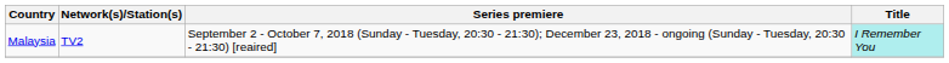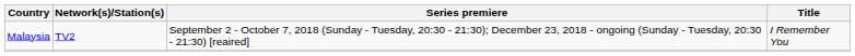 <table class="sortable wikitable">
 <tr>
 <th>Country</th>
 <th>Network(s)/Station(s)</th>
 <th>Series premiere</th>
 <th>Title</th>
 </tr>
 <tr>
 <td> <a href='#'>Malaysia</a></td>
 <td><a href='#'>TV2</a></td>
 <td>September 2 - October 7, 2018 (Sunday - Tuesday, 20:30 - 21:30); December 23, 2018 - ongoing (Sunday - Tuesday, 20:30 - 21:30) [reaired]</td>
-<td style="background: paleturquoise;"><em>I Remember You</em></td>
+<td><em>I Remember You</em></td>
 </tr>
 <tr>
 </tr>
 </table>
